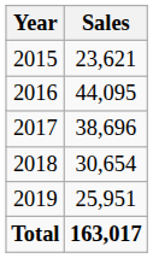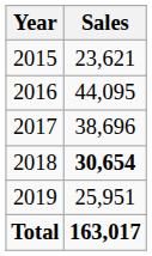 <table class="wikitable" style="float:center; clear:center; margin:0 0 1em 1em; text-align:center;">
 <tr>
 <th>Year</th>
 <th>Sales</th>
 </tr>
 <tr>
 <td>2015</td>
 <td>23,621</td>
 </tr>
 <tr>
 <td>2016</td>
 <td>44,095</td>
 </tr>
 <tr>
 <td>2017</td>
 <td>38,696</td>
 </tr>
 <tr>
 <td>2018</td>
-<td>30,654</td>
+<td><strong>30,654</strong></td>
 </tr>
 <tr>
 <td>2019</td>
 <td>25,951</td>
 </tr>
 <tr>
 <td><strong>Total</strong></td>
 <td><strong>163,017</strong></td>
 </tr>
 </table>
